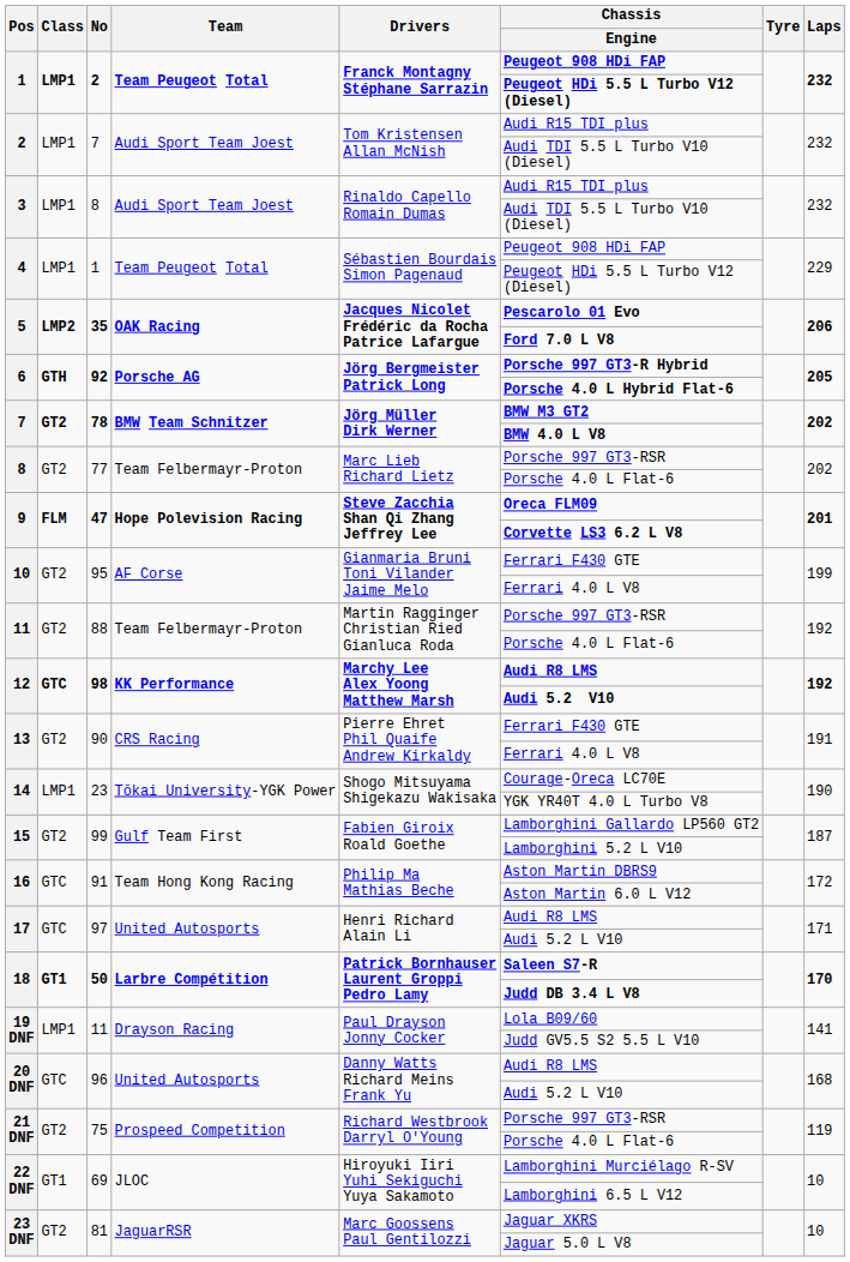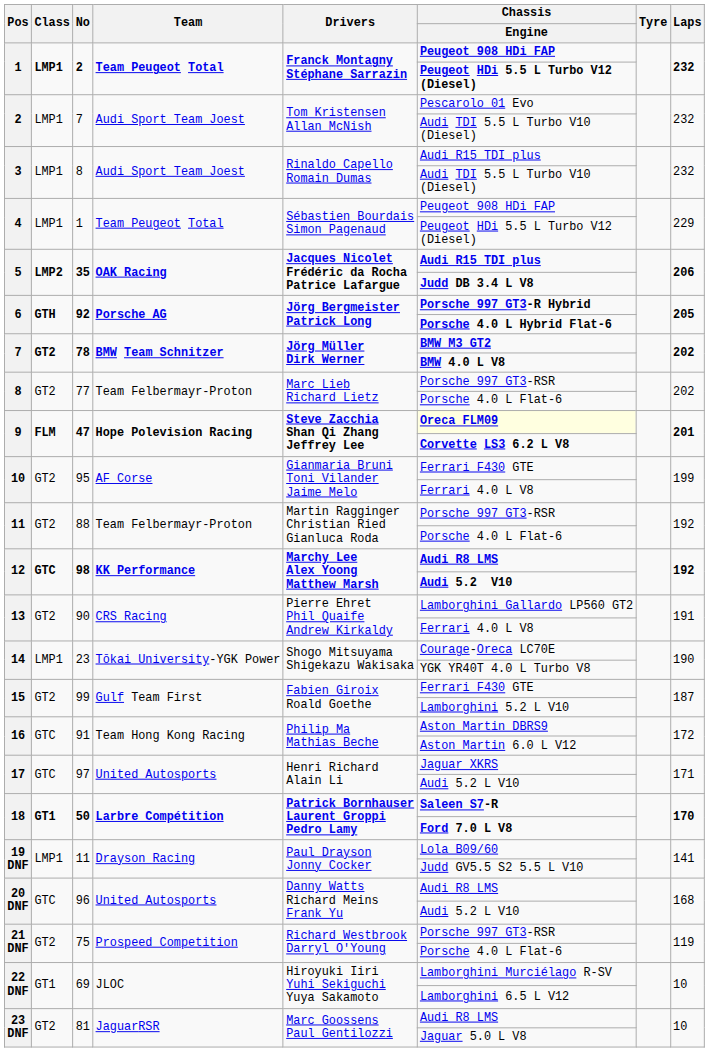 <table class="wikitable" style="font-size: 95%;">
 <tr>
 <th rowspan=2>Pos</th>
 <th rowspan=2>Class</th>
 <th rowspan=2>No</th>
 <th rowspan=2>Team</th>
 <th rowspan=2>Drivers</th>
 <th>Chassis</th>
 <th rowspan=2>Tyre</th>
 <th rowspan=2>Laps</th>
 </tr>
 <tr>
 <th>Engine</th>
 </tr>
 <tr style="font-weight:bold">
 <th rowspan=2>1</th>
 <td rowspan=2>LMP1</td>
 <td rowspan=2>2</td>
 <td rowspan=2> <a href='#'>Team Peugeot</a> <a href='#'>Total</a></td>
 <td rowspan=2> <a href='#'>Franck Montagny</a><br> <a href='#'>Stéphane Sarrazin</a></td>
 <td><a href='#'>Peugeot 908 HDi FAP</a></td>
 <td rowspan=2></td>
 <td rowspan=2>232</td>
 </tr>
 <tr style="font-weight:bold">
 <td><a href='#'>Peugeot</a> <a href='#'>HDi</a> 5.5 L Turbo V12<br>(Diesel)</td>
 </tr>
 <tr>
 <th rowspan=2>2</th>
 <td rowspan=2>LMP1</td>
 <td rowspan=2>7</td>
 <td rowspan=2> <a href='#'>Audi Sport Team Joest</a></td>
 <td rowspan=2> <a href='#'>Tom Kristensen</a><br> <a href='#'>Allan McNish</a></td>
-<td><a href='#'>Audi R15 TDI plus</a></td>
+<td><a href='#'>Pescarolo 01</a> Evo</td>
 <td rowspan=2></td>
 <td rowspan=2>232</td>
 </tr>
 <tr>
 <td><a href='#'>Audi</a> <a href='#'>TDI</a> 5.5 L Turbo V10<br>(Diesel)</td>
 </tr>
 <tr>
 <th rowspan=2>3</th>
 <td rowspan=2>LMP1</td>
 <td rowspan=2>8</td>
 <td rowspan=2> <a href='#'>Audi Sport Team Joest</a></td>
 <td rowspan=2> <a href='#'>Rinaldo Capello</a><br> <a href='#'>Romain Dumas</a></td>
 <td><a href='#'>Audi R15 TDI plus</a></td>
 <td rowspan=2></td>
 <td rowspan=2>232</td>
 </tr>
 <tr>
 <td><a href='#'>Audi</a> <a href='#'>TDI</a> 5.5 L Turbo V10<br>(Diesel)</td>
 </tr>
 <tr>
 <th rowspan=2>4</th>
 <td rowspan=2>LMP1</td>
 <td rowspan=2>1</td>
 <td rowspan=2> <a href='#'>Team Peugeot</a> <a href='#'>Total</a></td>
 <td rowspan=2> <a href='#'>Sébastien Bourdais</a><br> <a href='#'>Simon Pagenaud</a></td>
 <td><a href='#'>Peugeot 908 HDi FAP</a></td>
 <td rowspan=2></td>
 <td rowspan=2>229</td>
 </tr>
 <tr>
 <td><a href='#'>Peugeot</a> <a href='#'>HDi</a> 5.5 L Turbo V12<br>(Diesel)</td>
 </tr>
 <tr style="font-weight:bold">
 <th rowspan=2>5</th>
 <td rowspan=2>LMP2</td>
 <td rowspan=2>35</td>
 <td rowspan=2> <a href='#'>OAK Racing</a></td>
 <td rowspan=2> <a href='#'>Jacques Nicolet</a><br> Frédéric da Rocha<br> Patrice Lafargue</td>
-<td><a href='#'>Pescarolo 01</a> Evo</td>
+<td><a href='#'>Audi R15 TDI plus</a></td>
 <td rowspan=2></td>
 <td rowspan=2>206</td>
 </tr>
 <tr style="font-weight:bold">
-<td><a href='#'>Ford</a> 7.0 L V8</td>
+<td><a href='#'>Judd</a> DB 3.4 L V8</td>
 </tr>
 <tr style="font-weight:bold">
 <th rowspan=2>6</th>
 <td rowspan=2>GTH</td>
 <td rowspan=2>92</td>
 <td rowspan=2> <a href='#'>Porsche AG</a></td>
 <td rowspan=2> <a href='#'>Jörg Bergmeister</a><br> <a href='#'>Patrick Long</a></td>
 <td><a href='#'>Porsche 997 GT3</a>-R Hybrid</td>
 <td rowspan=2></td>
 <td rowspan=2>205</td>
 </tr>
 <tr style="font-weight:bold">
 <td><a href='#'>Porsche</a> 4.0 L Hybrid Flat-6</td>
 </tr>
 <tr style="font-weight:bold">
 <th rowspan=2>7</th>
 <td rowspan=2>GT2</td>
 <td rowspan=2>78</td>
 <td rowspan=2> <a href='#'>BMW</a> <a href='#'>Team Schnitzer</a></td>
 <td rowspan=2> <a href='#'>Jörg Müller</a><br> <a href='#'>Dirk Werner</a></td>
 <td><a href='#'>BMW M3 GT2</a></td>
 <td rowspan=2></td>
 <td rowspan=2>202</td>
 </tr>
 <tr style="font-weight:bold">
 <td><a href='#'>BMW</a> 4.0 L V8</td>
 </tr>
 <tr>
 <th rowspan=2>8</th>
 <td rowspan=2>GT2</td>
 <td rowspan=2>77</td>
 <td rowspan=2> Team Felbermayr-Proton</td>
 <td rowspan=2> <a href='#'>Marc Lieb</a><br> <a href='#'>Richard Lietz</a></td>
 <td><a href='#'>Porsche 997 GT3</a>-RSR</td>
 <td rowspan=2></td>
 <td rowspan=2>202</td>
 </tr>
 <tr>
 <td><a href='#'>Porsche</a> 4.0 L Flat-6</td>
 </tr>
 <tr style="font-weight:bold">
 <th rowspan=2>9</th>
 <td rowspan=2>FLM</td>
 <td rowspan=2>47</td>
 <td rowspan=2> Hope Polevision Racing</td>
 <td rowspan=2> <a href='#'>Steve Zacchia</a><br> Shan Qi Zhang<br> Jeffrey Lee</td>
-<td><a href='#'>Oreca FLM09</a></td>
+<td style="background: lightyellow;"><a href='#'>Oreca FLM09</a></td>
 <td rowspan=2></td>
 <td rowspan=2>201</td>
 </tr>
 <tr style="font-weight:bold">
 <td><a href='#'>Corvette</a> <a href='#'>LS3</a> 6.2 L V8</td>
 </tr>
 <tr>
 <th rowspan=2>10</th>
 <td rowspan=2>GT2</td>
 <td rowspan=2>95</td>
 <td rowspan=2> <a href='#'>AF Corse</a></td>
 <td rowspan=2> <a href='#'>Gianmaria Bruni</a><br> <a href='#'>Toni Vilander</a><br> <a href='#'>Jaime Melo</a></td>
 <td><a href='#'>Ferrari F430</a> GTE</td>
 <td rowspan=2></td>
 <td rowspan=2>199</td>
 </tr>
 <tr>
 <td><a href='#'>Ferrari</a> 4.0 L V8</td>
 </tr>
 <tr>
 <th rowspan=2>11</th>
 <td rowspan=2>GT2</td>
 <td rowspan=2>88</td>
 <td rowspan=2> Team Felbermayr-Proton</td>
 <td rowspan=2> Martin Ragginger<br> Christian Ried<br> Gianluca Roda</td>
 <td><a href='#'>Porsche 997 GT3</a>-RSR</td>
 <td rowspan=2></td>
 <td rowspan=2>192</td>
 </tr>
 <tr>
 <td><a href='#'>Porsche</a> 4.0 L Flat-6</td>
 </tr>
 <tr style="font-weight:bold">
 <th rowspan=2>12</th>
 <td rowspan=2>GTC</td>
 <td rowspan=2>98</td>
 <td rowspan=2> <a href='#'>KK Performance</a></td>
 <td rowspan=2> <a href='#'>Marchy Lee</a><br> <a href='#'>Alex Yoong</a><br> <a href='#'>Matthew Marsh</a></td>
 <td><a href='#'>Audi R8 LMS</a></td>
 <td rowspan=2></td>
 <td rowspan=2>192</td>
 </tr>
 <tr style="font-weight:bold">
 <td><a href='#'>Audi</a> 5.2  V10</td>
 </tr>
 <tr>
 <th rowspan=2>13</th>
 <td rowspan=2>GT2</td>
 <td rowspan=2>90</td>
 <td rowspan=2> <a href='#'>CRS Racing</a></td>
 <td rowspan=2> Pierre Ehret<br> <a href='#'>Phil Quaife</a><br> <a href='#'>Andrew Kirkaldy</a></td>
-<td><a href='#'>Ferrari F430</a> GTE</td>
+<td><a href='#'>Lamborghini Gallardo</a> LP560 GT2</td>
 <td rowspan=2></td>
 <td rowspan=2>191</td>
 </tr>
 <tr>
 <td><a href='#'>Ferrari</a> 4.0 L V8</td>
 </tr>
 <tr>
 <th rowspan=2>14</th>
 <td rowspan=2>LMP1</td>
 <td rowspan=2>23</td>
 <td rowspan=2> <a href='#'>Tōkai University</a>-YGK Power</td>
 <td rowspan=2> Shogo Mitsuyama<br> Shigekazu Wakisaka</td>
 <td><a href='#'>Courage</a>-<a href='#'>Oreca</a> LC70E</td>
 <td rowspan=2></td>
 <td rowspan=2>190</td>
 </tr>
 <tr>
 <td>YGK YR40T 4.0 L Turbo V8</td>
 </tr>
 <tr>
 <th rowspan=2>15</th>
 <td rowspan=2>GT2</td>
 <td rowspan=2>99</td>
 <td rowspan=2> <a href='#'>Gulf</a> Team First</td>
 <td rowspan=2> <a href='#'>Fabien Giroix</a><br> Roald Goethe</td>
-<td><a href='#'>Lamborghini Gallardo</a> LP560 GT2</td>
+<td><a href='#'>Ferrari F430</a> GTE</td>
 <td rowspan=2></td>
 <td rowspan=2>187</td>
 </tr>
 <tr>
 <td><a href='#'>Lamborghini</a> 5.2 L V10</td>
 </tr>
 <tr>
 <th rowspan=2>16</th>
 <td rowspan=2>GTC</td>
 <td rowspan=2>91</td>
 <td rowspan=2> Team Hong Kong Racing</td>
 <td rowspan=2> <a href='#'>Philip Ma</a><br> <a href='#'>Mathias Beche</a></td>
 <td><a href='#'>Aston Martin DBRS9</a></td>
 <td rowspan=2></td>
 <td rowspan=2>172</td>
 </tr>
 <tr>
 <td><a href='#'>Aston Martin</a> 6.0 L V12</td>
 </tr>
 <tr>
 <th rowspan=2>17</th>
 <td rowspan=2>GTC</td>
 <td rowspan=2>97</td>
 <td rowspan=2> <a href='#'>United Autosports</a></td>
 <td rowspan=2> Henri Richard<br> Alain Li</td>
-<td><a href='#'>Audi R8 LMS</a></td>
+<td><a href='#'>Jaguar XKRS</a></td>
 <td rowspan=2></td>
 <td rowspan=2>171</td>
 </tr>
 <tr>
 <td><a href='#'>Audi</a> 5.2 L V10</td>
 </tr>
 <tr style="font-weight:bold">
 <th rowspan=2>18</th>
 <td rowspan=2>GT1</td>
 <td rowspan=2>50</td>
 <td rowspan=2> <a href='#'>Larbre Compétition</a></td>
 <td rowspan=2> <a href='#'>Patrick Bornhauser</a><br> <a href='#'>Laurent Groppi</a><br> <a href='#'>Pedro Lamy</a></td>
 <td><a href='#'>Saleen S7</a>-R</td>
 <td rowspan=2></td>
 <td rowspan=2>170</td>
 </tr>
 <tr style="font-weight:bold">
-<td><a href='#'>Judd</a> DB 3.4 L V8</td>
+<td><a href='#'>Ford</a> 7.0 L V8</td>
 </tr>
 <tr>
 <th rowspan=2>19<br>DNF</th>
 <td rowspan=2>LMP1</td>
 <td rowspan=2>11</td>
 <td rowspan=2> <a href='#'>Drayson Racing</a></td>
 <td rowspan=2> <a href='#'>Paul Drayson</a><br> <a href='#'>Jonny Cocker</a></td>
 <td><a href='#'>Lola B09/60</a></td>
 <td rowspan=2></td>
 <td rowspan=2>141</td>
 </tr>
 <tr>
 <td><a href='#'>Judd</a> GV5.5 S2 5.5 L V10</td>
 </tr>
 <tr>
 <th rowspan=2>20<br>DNF</th>
 <td rowspan=2>GTC</td>
 <td rowspan=2>96</td>
 <td rowspan=2> <a href='#'>United Autosports</a></td>
 <td rowspan=2> <a href='#'>Danny Watts</a><br> Richard Meins<br> <a href='#'>Frank Yu</a></td>
 <td><a href='#'>Audi R8 LMS</a></td>
 <td rowspan=2></td>
 <td rowspan=2>168</td>
 </tr>
 <tr>
 <td><a href='#'>Audi</a> 5.2 L V10</td>
 </tr>
 <tr>
 <th rowspan=2>21<br>DNF</th>
 <td rowspan=2>GT2</td>
 <td rowspan=2>75</td>
 <td rowspan=2> <a href='#'>Prospeed Competition</a></td>
 <td rowspan=2> <a href='#'>Richard Westbrook</a><br> <a href='#'>Darryl O'Young</a></td>
 <td><a href='#'>Porsche 997 GT3</a>-RSR</td>
 <td rowspan=2></td>
 <td rowspan=2>119</td>
 </tr>
 <tr>
 <td><a href='#'>Porsche</a> 4.0 L Flat-6</td>
 </tr>
 <tr>
 <th rowspan=2>22<br>DNF</th>
 <td rowspan=2>GT1</td>
 <td rowspan=2>69</td>
 <td rowspan=2> JLOC</td>
 <td rowspan=2> Hiroyuki Iiri<br> <a href='#'>Yuhi Sekiguchi</a><br> Yuya Sakamoto</td>
 <td><a href='#'>Lamborghini Murciélago</a> R-SV</td>
 <td rowspan=2></td>
 <td rowspan=2>10</td>
 </tr>
 <tr>
 <td><a href='#'>Lamborghini</a> 6.5 L V12</td>
 </tr>
 <tr>
 <th rowspan=2>23<br>DNF</th>
 <td rowspan=2>GT2</td>
 <td rowspan=2>81</td>
 <td rowspan=2> <a href='#'>Jaguar</a><a href='#'>RSR</a></td>
 <td rowspan=2> <a href='#'>Marc Goossens</a><br> <a href='#'>Paul Gentilozzi</a></td>
-<td><a href='#'>Jaguar XKRS</a></td>
+<td><a href='#'>Audi R8 LMS</a></td>
 <td rowspan=2></td>
 <td rowspan=2>10</td>
 </tr>
 <tr>
 <td><a href='#'>Jaguar</a> 5.0 L V8</td>
 </tr>
 </table>
